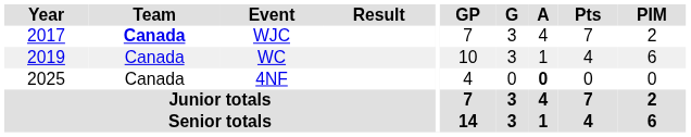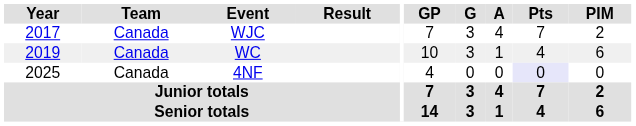 <table border="0" cellpadding="1" cellspacing="0" ID="Table3" style="text-align:center; width:40em">
 <tr ALIGN="center" bgcolor="#e0e0e0">
 <th>Year</th>
 <th>Team</th>
 <th>Event</th>
 <th>Result</th>
 <th rowspan="99" bgcolor="#ffffff"></th>
 <th>GP</th>
 <th>G</th>
 <th>A</th>
 <th>Pts</th>
 <th>PIM</th>
 </tr>
 <tr>
 <td><a href='#'>2017</a></td>
-<td><strong><a href='#'>Canada</a></strong></td>
+<td><a href='#'>Canada</a></td>
 <td><a href='#'>WJC</a></td>
 <td></td>
 <td>7</td>
 <td>3</td>
 <td>4</td>
 <td>7</td>
 <td>2</td>
 </tr>
 <tr bgcolor="#f0f0f0">
 <td><a href='#'>2019</a></td>
 <td><a href='#'>Canada</a></td>
 <td><a href='#'>WC</a></td>
 <td></td>
 <td>10</td>
 <td>3</td>
 <td>1</td>
 <td>4</td>
 <td>6</td>
 </tr>
 <tr>
 <td>2025</td>
 <td>Canada</td>
 <td><a href='#'>4NF</a></td>
 <td></td>
 <td>4</td>
 <td>0</td>
-<td><strong>0</strong></td>
 <td>0</td>
+<td style="background: lavender;">0</td>
 <td>0</td>
 </tr>
 <tr bgcolor="#e0e0e0">
 <th colspan="4">Junior totals</th>
 <th>7</th>
 <th>3</th>
 <th>4</th>
 <th>7</th>
 <th>2</th>
 </tr>
 <tr bgcolor="#e0e0e0">
 <th colspan="4">Senior totals</th>
 <th>14</th>
 <th>3</th>
 <th>1</th>
 <th>4</th>
 <th>6</th>
 </tr>
 </table>
